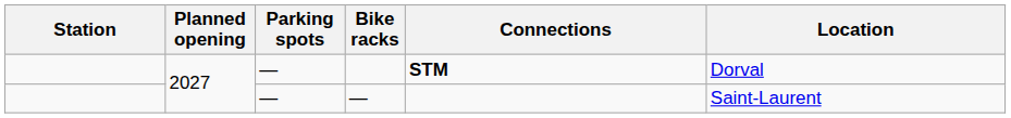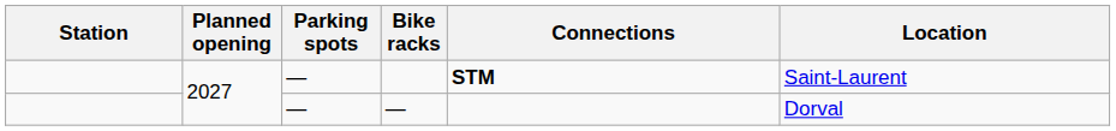 <table class="wikitable">
 <tr>
 <th style="width:16%">Station</th>
 <th style="width:9%">Planned opening</th>
 <th style="width:9%">Parking spots</th>
 <th style="width:6%">Bike racks</th>
 <th>Connections</th>
 <th>Location</th>
 </tr>
 <tr>
 <td></td>
 <td rowspan="2">2027</td>
 <td>—</td>
 <td></td>
 <td><strong> STM</strong></td>
-<td><a href='#'>Dorval</a></td>
+<td><a href='#'>Saint-Laurent</a></td>
 </tr>
 <tr>
 <td></td>
 <td>—</td>
 <td>—</td>
 <td></td>
-<td><a href='#'>Saint-Laurent</a></td>
+<td><a href='#'>Dorval</a></td>
 </tr>
 </table>
